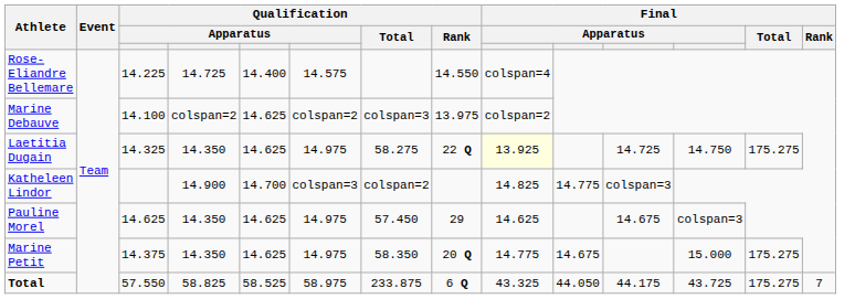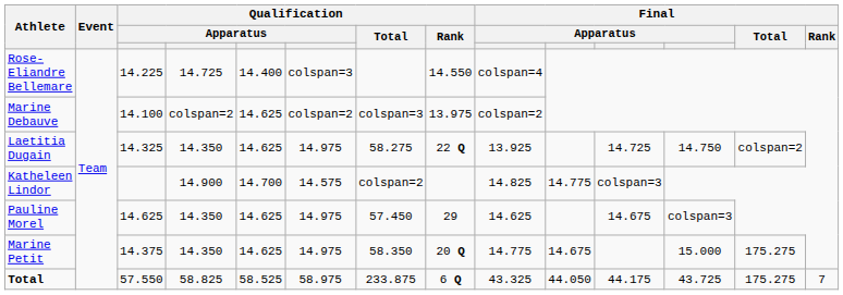 <table class="wikitable" style="font-size:90%">
 <tr>
 <th rowspan="3">Athlete</th>
 <th rowspan="3">Event</th>
 <th colspan=6>Qualification</th>
 <th colspan=6>Final</th>
 </tr>
 <tr style="font-size:95%">
 <th colspan=4>Apparatus</th>
 <th rowspan=2>Total</th>
 <th rowspan=2>Rank</th>
 <th colspan=4>Apparatus</th>
 <th rowspan=2>Total</th>
 <th rowspan=2>Rank</th>
 </tr>
 <tr style="font-size:95%">
 <th></th>
 <th></th>
 <th></th>
 <th></th>
 <th></th>
 <th></th>
 <th></th>
 <th></th>
 </tr>
 <tr align=center>
 <td align=left><a href='#'>Rose-Eliandre Bellemare</a></td>
 <td rowspan=7 align=left><a href='#'>Team</a></td>
 <td>14.225</td>
 <td>14.725</td>
 <td>14.400</td>
-<td>14.575</td>
+<td>colspan=3 </td>
 <td></td>
 <td>14.550</td>
 <td>colspan=4 </td>
 </tr>
 <tr align=center>
 <td align=left><a href='#'>Marine Debauve</a></td>
 <td>14.100</td>
 <td>colspan=2 </td>
 <td>14.625</td>
 <td>colspan=2 </td>
 <td>colspan=3 </td>
 <td>13.975</td>
 <td>colspan=2 </td>
 </tr>
 <tr align=center>
 <td align=left><a href='#'>Laetitia Dugain</a></td>
 <td>14.325</td>
 <td>14.350</td>
 <td>14.625</td>
 <td>14.975</td>
 <td>58.275</td>
 <td>22 <strong>Q</strong></td>
-<td style="background: lightyellow;">13.925</td>
+<td>13.925</td>
 <td></td>
 <td>14.725</td>
 <td>14.750</td>
-<td>175.275</td>
+<td>colspan=2 </td>
 </tr>
 <tr align=center>
 <td align=left><a href='#'>Katheleen Lindor</a></td>
 <td></td>
 <td>14.900</td>
 <td>14.700</td>
-<td>colspan=3 </td>
+<td>14.575</td>
 <td>colspan=2 </td>
 <td></td>
 <td>14.825</td>
 <td>14.775</td>
 <td>colspan=3 </td>
 </tr>
 <tr align=center>
 <td align=left><a href='#'>Pauline Morel</a></td>
 <td>14.625</td>
 <td>14.350</td>
 <td>14.625</td>
 <td>14.975</td>
 <td>57.450</td>
 <td>29</td>
 <td>14.625</td>
 <td></td>
 <td>14.675</td>
 <td>colspan=3 </td>
 </tr>
 <tr align=center>
 <td align=left><a href='#'>Marine Petit</a></td>
 <td>14.375</td>
 <td>14.350</td>
 <td>14.625</td>
 <td>14.975</td>
 <td>58.350</td>
 <td>20 <strong>Q</strong></td>
 <td>14.775</td>
 <td>14.675</td>
 <td></td>
 <td>15.000</td>
 <td>175.275</td>
 </tr>
 <tr align=center>
 <td align=left><strong>Total</strong></td>
 <td>57.550</td>
 <td>58.825</td>
 <td>58.525</td>
 <td>58.975</td>
 <td>233.875</td>
 <td>6 <strong>Q</strong></td>
 <td>43.325</td>
 <td>44.050</td>
 <td>44.175</td>
 <td>43.725</td>
 <td>175.275</td>
 <td>7</td>
 </tr>
 </table>
